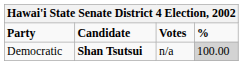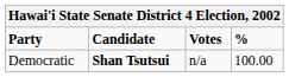 <table class="wikitable">
 <tr>
 <th colspan="4">Hawai'i State Senate District 4 Election, 2002</th>
 </tr>
 <tr>
 <td><strong>Party</strong></td>
 <td><strong>Candidate</strong></td>
 <td><strong>Votes</strong></td>
 <td><strong>%</strong></td>
 </tr>
 <tr>
 <td>Democratic</td>
 <td><strong>Shan Tsutsui</strong></td>
 <td>n/a</td>
-<td style="background: lightgrey;">100.00</td>
+<td>100.00</td>
 </tr>
 </table>
